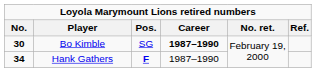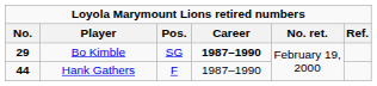 <table class="wikitable sortable" style="text-align:center">
 <tr>
 <td colspan=6><strong>Loyola Marymount Lions retired numbers</strong></td>
 </tr>
 <tr>
 <th width=40px>No.</th>
 <th width=150px>Player</th>
 <th width=40px>Pos.</th>
 <th width=100px>Career</th>
 <th width=px>No. ret.</th>
 <th width=px>Ref.</th>
 </tr>
 <tr>
-<td><strong>30</strong></td>
+<td><strong>29</strong></td>
 <td><a href='#'>Bo Kimble</a></td>
 <td><a href='#'>SG</a></td>
 <td><strong>1987–1990</strong></td>
 <td rowspan=2>February 19,<br> 2000</td>
 <td></td>
 </tr>
 <tr>
-<td><strong>34</strong></td>
+<td><strong>44</strong></td>
 <td><a href='#'>Hank Gathers</a></td>
-<td><strong><a href='#'>F</a></strong></td>
+<td><a href='#'>F</a></td>
 <td>1987–1990</td>
 <td></td>
 </tr>
 </table>
